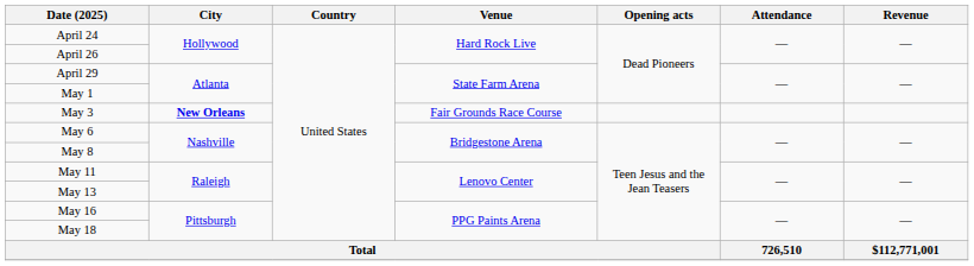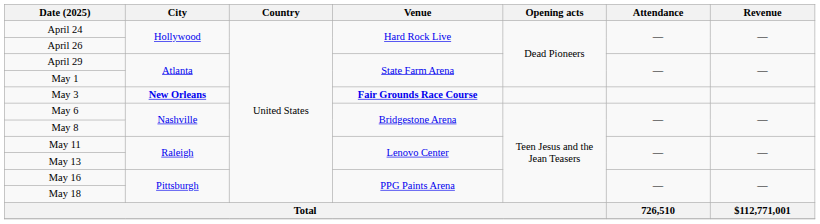 <table class="wikitable plainrowheaders" style="text-align:center;">
 <tr>
 <th scope="col" style="width:12em;">Date (2025)</th>
 <th scope="col" style="width:10em;">City</th>
 <th scope="col" style="width:10em;">Country</th>
 <th scope="col" style="width:17em;">Venue</th>
 <th scope="col" style="width:10em;">Opening acts</th>
 <th scope="col" style="width:10em;">Attendance</th>
 <th scope="col" style="width:10em;">Revenue</th>
 </tr>
 <tr>
 <td>April 24</td>
 <td rowspan="2"><a href='#'>Hollywood</a></td>
 <td rowspan="11">United States</td>
 <td rowspan="2"><a href='#'>Hard Rock Live</a></td>
 <td rowspan="4">Dead Pioneers</td>
 <td rowspan="2">—</td>
 <td rowspan="2">—</td>
 </tr>
 <tr>
 <td>April 26</td>
 </tr>
 <tr>
 <td>April 29</td>
 <td rowspan="2"><a href='#'>Atlanta</a></td>
 <td rowspan="2"><a href='#'>State Farm Arena</a></td>
 <td rowspan="2">—</td>
 <td rowspan="2">—</td>
 </tr>
 <tr>
 <td>May 1</td>
 </tr>
 <tr>
 <td>May 3</td>
 <td><strong><a href='#'>New Orleans</a></strong></td>
-<td><a href='#'>Fair Grounds Race Course</a></td>
+<td><strong><a href='#'>Fair Grounds Race Course</a></strong></td>
 <td></td>
 <td></td>
 <td></td>
 </tr>
 <tr>
 <td>May 6</td>
 <td rowspan="2"><a href='#'>Nashville</a></td>
 <td rowspan="2"><a href='#'>Bridgestone Arena</a></td>
 <td rowspan="6">Teen Jesus and the Jean Teasers</td>
 <td rowspan="2">—</td>
 <td rowspan="2">—</td>
 </tr>
 <tr>
 <td>May 8</td>
 </tr>
 <tr>
 <td>May 11</td>
 <td rowspan="2"><a href='#'>Raleigh</a></td>
 <td rowspan="2"><a href='#'>Lenovo Center</a></td>
 <td rowspan="2">—</td>
 <td rowspan="2">—</td>
 </tr>
 <tr>
 <td>May 13</td>
 </tr>
 <tr>
 <td>May 16</td>
 <td rowspan="2"><a href='#'>Pittsburgh</a></td>
 <td rowspan="2"><a href='#'>PPG Paints Arena</a></td>
 <td rowspan="2">—</td>
 <td rowspan="2">—</td>
 </tr>
 <tr>
 <td>May 18</td>
 </tr>
 <tr>
 <th scope="col" colspan="5">Total</th>
 <th scope="col">726,510</th>
 <th scope="col">$112,771,001</th>
 </tr>
 <tr>
 </tr>
 </table>
